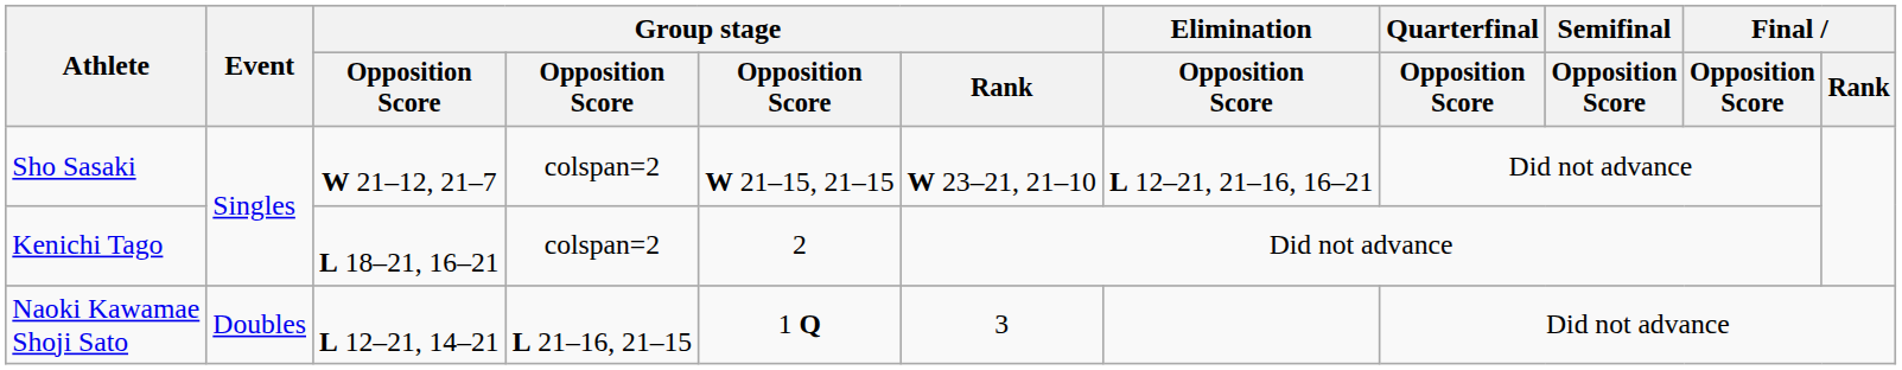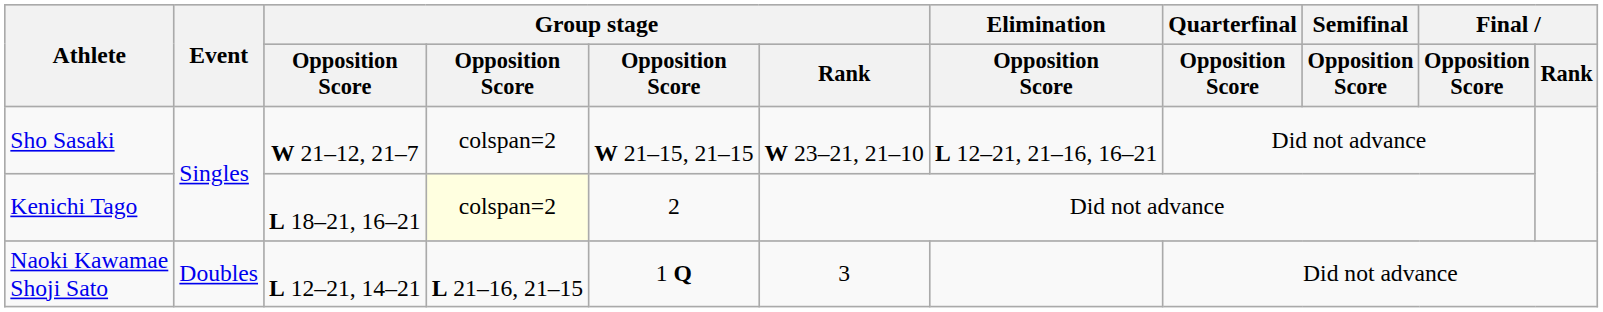 <table class="wikitable" style="font-size:90%">
 <tr>
 <th rowspan=2>Athlete</th>
 <th rowspan=2>Event</th>
 <th colspan=4>Group stage</th>
 <th>Elimination</th>
 <th>Quarterfinal</th>
 <th>Semifinal</th>
 <th colspan=2>Final / </th>
 </tr>
 <tr style="font-size:95%">
 <th>Opposition<br>Score</th>
 <th>Opposition<br>Score</th>
 <th>Opposition<br>Score</th>
 <th>Rank</th>
 <th>Opposition<br>Score</th>
 <th>Opposition<br>Score</th>
 <th>Opposition<br>Score</th>
 <th>Opposition<br>Score</th>
 <th>Rank</th>
 </tr>
 <tr align=center>
 <td align=left><a href='#'>Sho Sasaki</a></td>
 <td align=left rowspan=2><a href='#'>Singles</a></td>
 <td><br><strong>W</strong> 21–12, 21–7</td>
 <td>colspan=2 </td>
 <td><br><strong>W</strong> 21–15, 21–15</td>
 <td><br><strong>W</strong> 23–21, 21–10</td>
 <td><br><strong>L</strong> 12–21, 21–16, 16–21</td>
 <td colspan=3>Did not advance</td>
 </tr>
 <tr align=center>
 <td align=left><a href='#'>Kenichi Tago</a></td>
 <td><br><strong>L</strong> 18–21, 16–21</td>
-<td>colspan=2 </td>
+<td style="background: lightyellow;">colspan=2 </td>
 <td>2</td>
 <td colspan=5>Did not advance</td>
 </tr>
 <tr align=center>
 <td align=left><a href='#'>Naoki Kawamae</a><br><a href='#'>Shoji Sato</a></td>
 <td align=left><a href='#'>Doubles</a></td>
 <td><br><strong>L</strong> 12–21, 14–21</td>
 <td><br><strong>L</strong> 21–16, 21–15</td>
 <td>1 <strong>Q</strong></td>
 <td>3</td>
 <td></td>
 <td colspan=4>Did not advance</td>
 </tr>
 </table>
